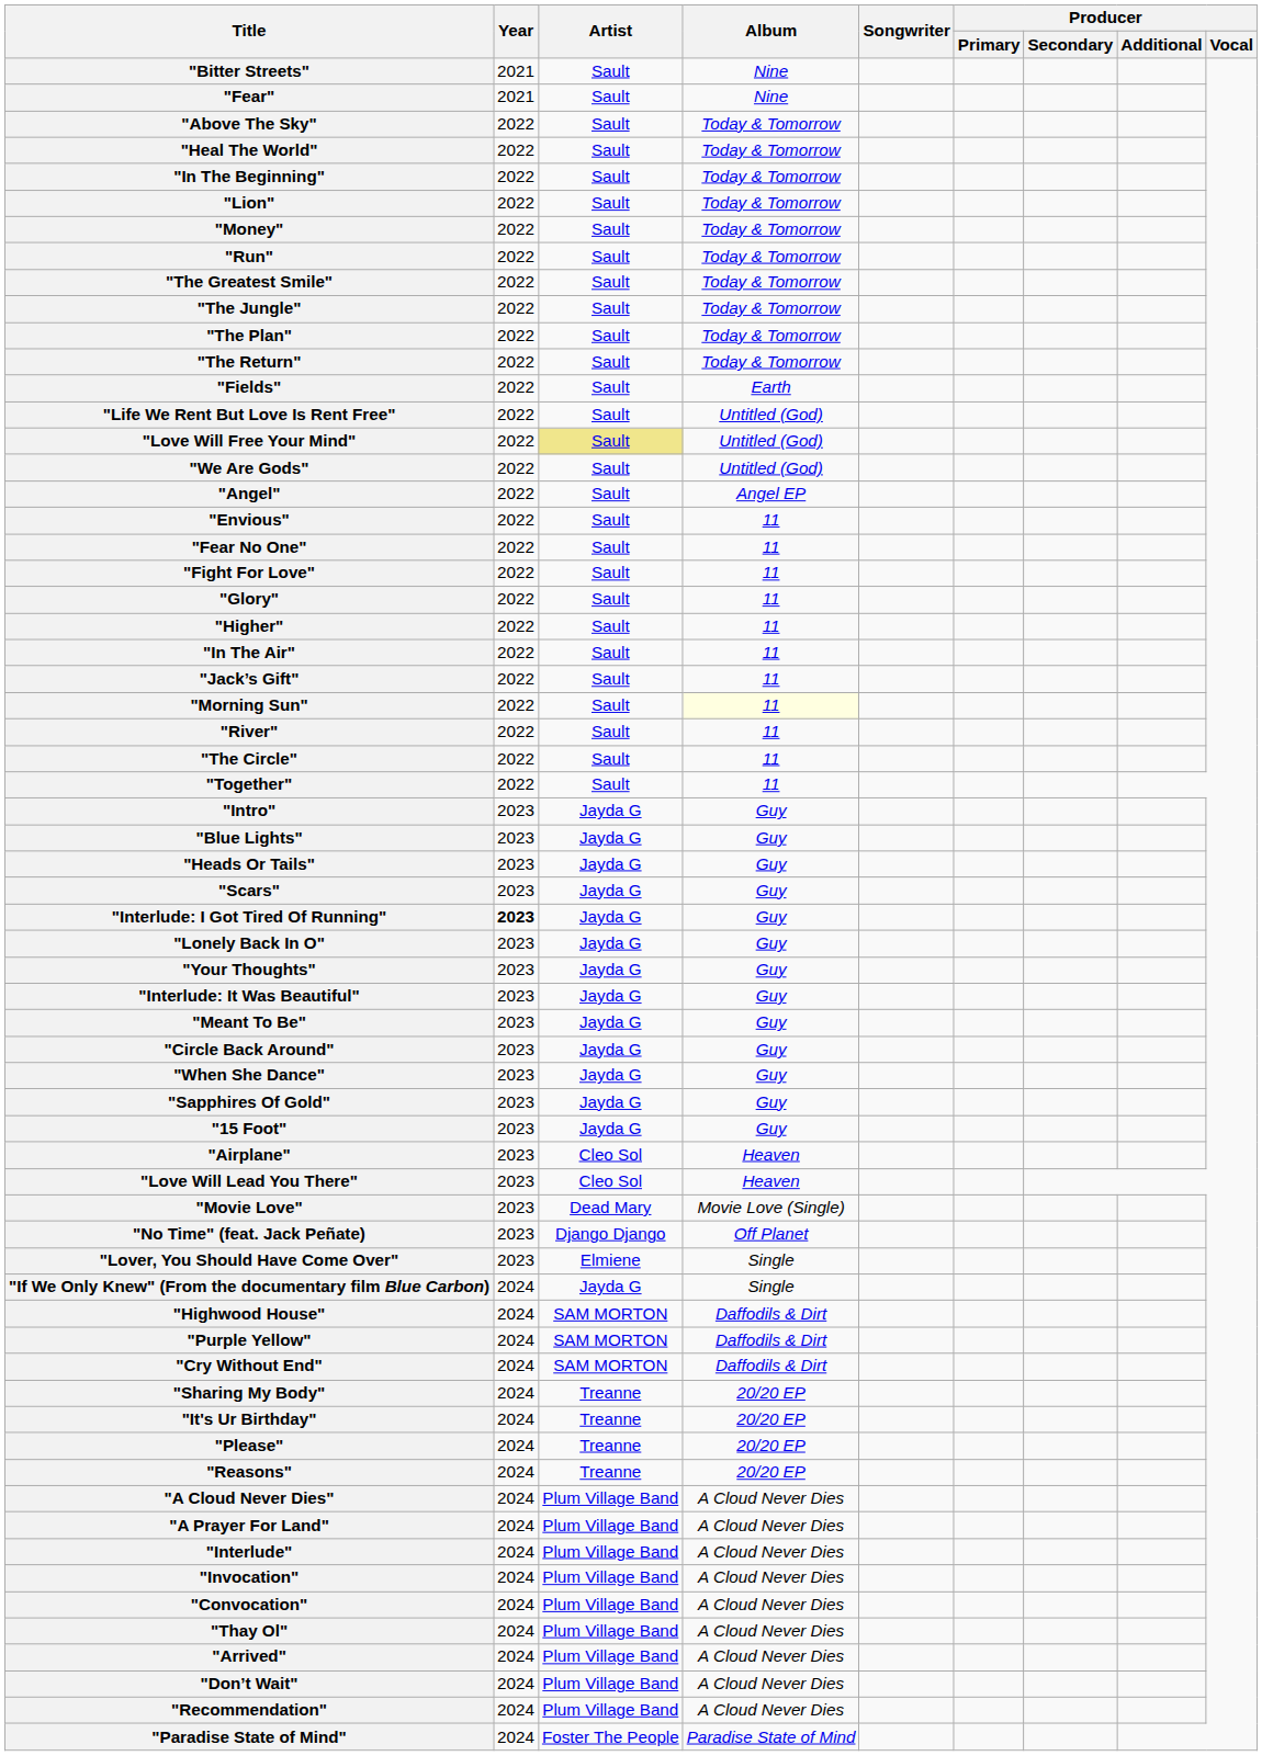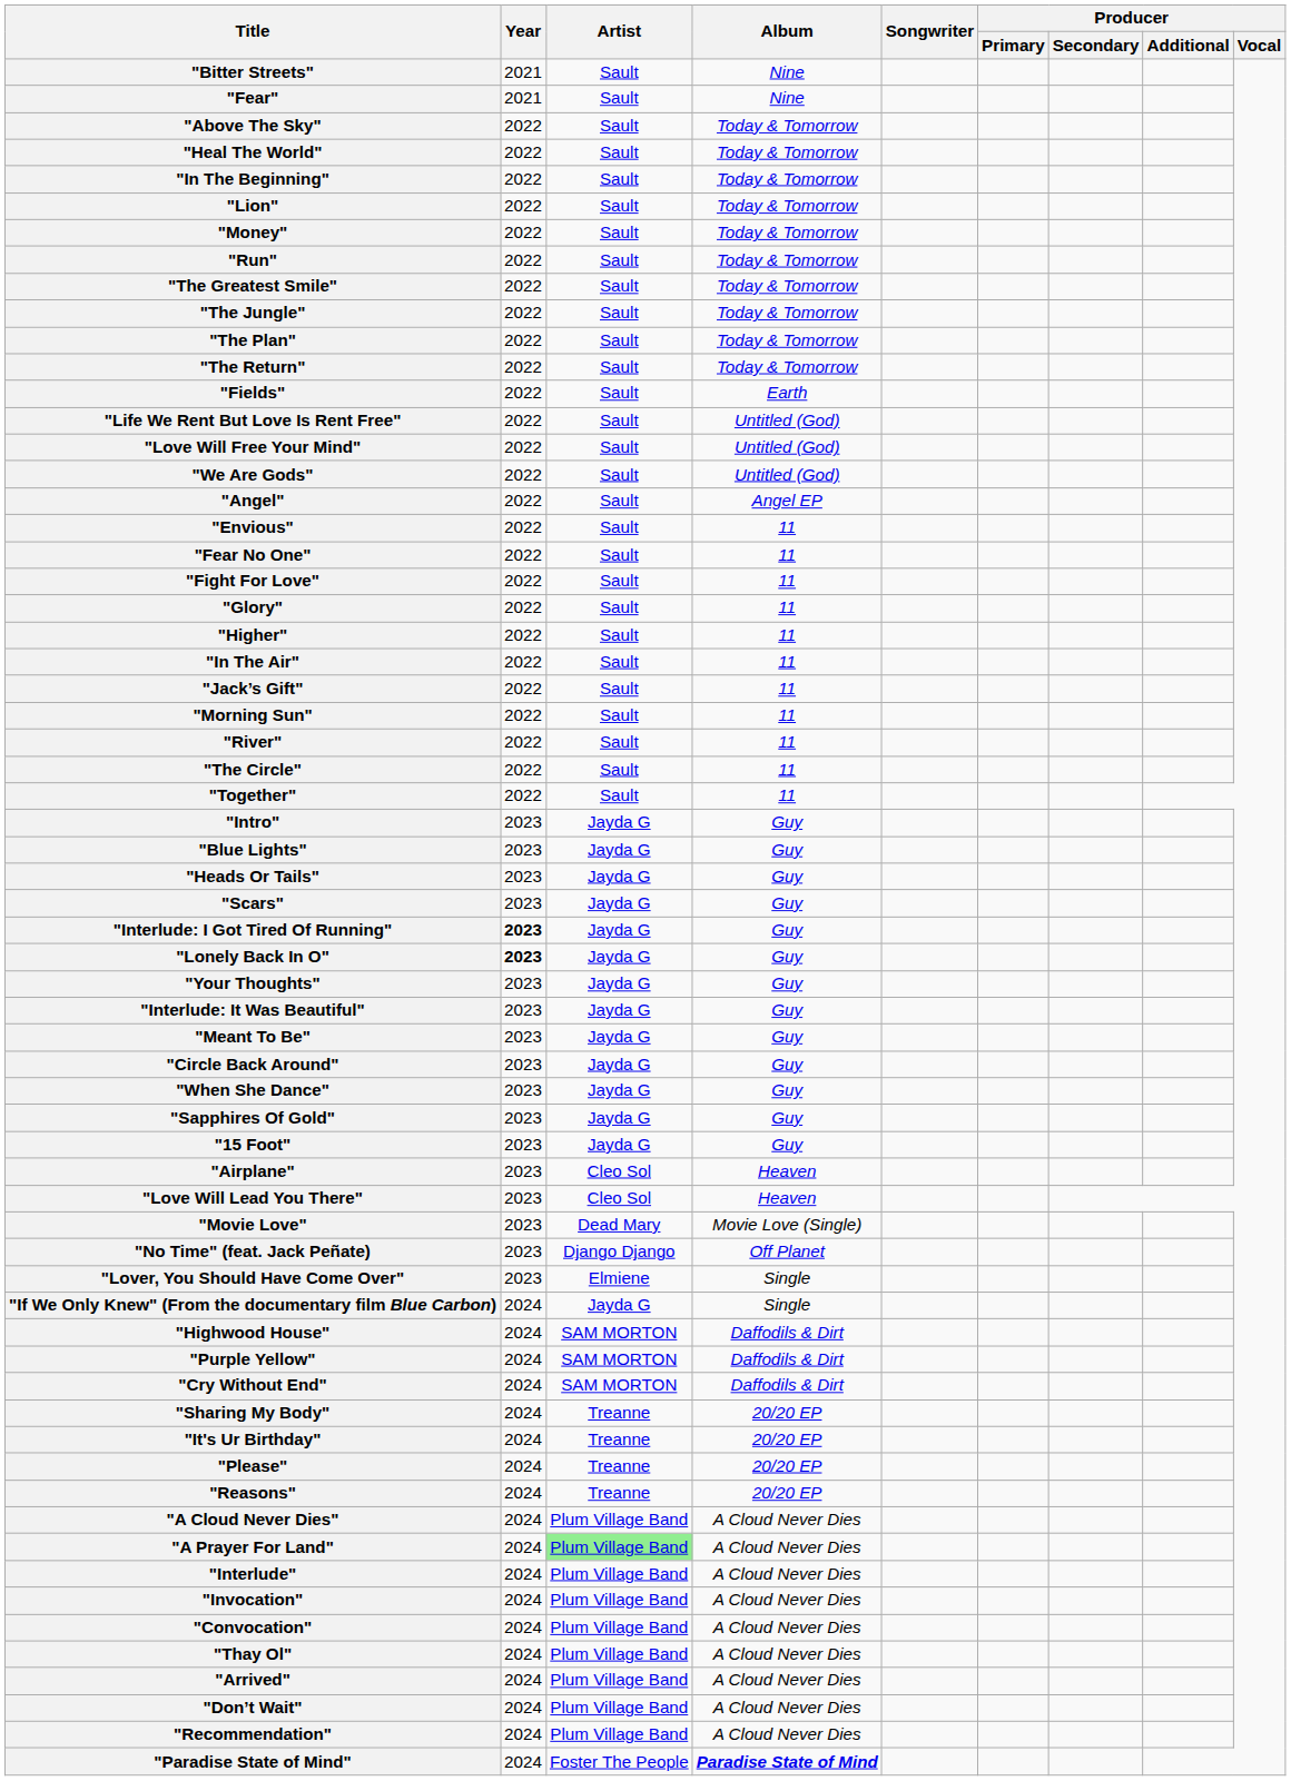 <table class="wikitable plainrowheaders" style="text-align:center;">
 <tr>
 <th scope="col" rowspan="2">Title</th>
 <th scope="col" rowspan="2">Year</th>
 <th scope="col" rowspan="2">Artist</th>
 <th scope="col" rowspan="2">Album</th>
 <th scope="col" rowspan="2">Songwriter</th>
 <th scope="col" colspan="4">Producer</th>
 </tr>
 <tr>
 <th scope="col">Primary</th>
 <th scope="col">Secondary</th>
 <th scope="col">Additional</th>
 <th scope="col">Vocal</th>
 </tr>
 <tr>
 <th scope="row">"Bitter Streets"</th>
 <td>2021</td>
 <td><a href='#'>Sault</a></td>
 <td><em><a href='#'>Nine</a></em></td>
 <td></td>
 <td></td>
 <td></td>
 <td></td>
 </tr>
 <tr>
 <th scope="row">"Fear"</th>
 <td>2021</td>
 <td><a href='#'>Sault</a></td>
 <td><em><a href='#'>Nine</a></em></td>
 <td></td>
 <td></td>
 <td></td>
 <td></td>
 </tr>
 <tr>
 <th scope="row">"Above The Sky"</th>
 <td>2022</td>
 <td><a href='#'>Sault</a></td>
 <td><em><a href='#'>Today & Tomorrow</a></em></td>
 <td></td>
 <td></td>
 <td></td>
 <td></td>
 </tr>
 <tr>
 <th scope="row">"Heal The World"</th>
 <td>2022</td>
 <td><a href='#'>Sault</a></td>
 <td><em><a href='#'>Today & Tomorrow</a></em></td>
 <td></td>
 <td></td>
 <td></td>
 <td></td>
 </tr>
 <tr>
 <th scope="row">"In The Beginning"</th>
 <td>2022</td>
 <td><a href='#'>Sault</a></td>
 <td><em><a href='#'>Today & Tomorrow</a></em></td>
 <td></td>
 <td></td>
 <td></td>
 <td></td>
 </tr>
 <tr>
 <th scope="row">"Lion"</th>
 <td>2022</td>
 <td><a href='#'>Sault</a></td>
 <td><em><a href='#'>Today & Tomorrow</a></em></td>
 <td></td>
 <td></td>
 <td></td>
 <td></td>
 </tr>
 <tr>
 <th scope="row">"Money"</th>
 <td>2022</td>
 <td><a href='#'>Sault</a></td>
 <td><em><a href='#'>Today & Tomorrow</a></em></td>
 <td></td>
 <td></td>
 <td></td>
 <td></td>
 </tr>
 <tr>
 <th scope="row">"Run"</th>
 <td>2022</td>
 <td><a href='#'>Sault</a></td>
 <td><em><a href='#'>Today & Tomorrow</a></em></td>
 <td></td>
 <td></td>
 <td></td>
 <td></td>
 </tr>
 <tr>
 <th scope="row">"The Greatest Smile"</th>
 <td>2022</td>
 <td><a href='#'>Sault</a></td>
 <td><em><a href='#'>Today & Tomorrow</a></em></td>
 <td></td>
 <td></td>
 <td></td>
 <td></td>
 </tr>
 <tr>
 <th scope="row">"The Jungle"</th>
 <td>2022</td>
 <td><a href='#'>Sault</a></td>
 <td><em><a href='#'>Today & Tomorrow</a></em></td>
 <td></td>
 <td></td>
 <td></td>
 <td></td>
 </tr>
 <tr>
 <th scope="row">"The Plan"</th>
 <td>2022</td>
 <td><a href='#'>Sault</a></td>
 <td><em><a href='#'>Today & Tomorrow</a></em></td>
 <td></td>
 <td></td>
 <td></td>
 <td></td>
 </tr>
 <tr>
 <th scope="row">"The Return"</th>
 <td>2022</td>
 <td><a href='#'>Sault</a></td>
 <td><em><a href='#'>Today & Tomorrow</a></em></td>
 <td></td>
 <td></td>
 <td></td>
 <td></td>
 </tr>
 <tr>
 <th scope="row">"Fields"</th>
 <td>2022</td>
 <td><a href='#'>Sault</a></td>
 <td><em><a href='#'>Earth</a></em></td>
 <td></td>
 <td></td>
 <td></td>
 <td></td>
 </tr>
 <tr>
 <th scope="row">"Life We Rent But Love Is Rent Free"</th>
 <td>2022</td>
 <td><a href='#'>Sault</a></td>
 <td><em><a href='#'>Untitled (God)</a></em></td>
 <td></td>
 <td></td>
 <td></td>
 <td></td>
 </tr>
 <tr>
 <th scope="row">"Love Will Free Your Mind"</th>
 <td>2022</td>
-<td style="background: khaki;"><a href='#'>Sault</a></td>
+<td><a href='#'>Sault</a></td>
 <td><em><a href='#'>Untitled (God)</a></em></td>
 <td></td>
 <td></td>
 <td></td>
 <td></td>
 </tr>
 <tr>
 <th scope="row">"We Are Gods"</th>
 <td>2022</td>
 <td><a href='#'>Sault</a></td>
 <td><em><a href='#'>Untitled (God)</a></em></td>
 <td></td>
 <td></td>
 <td></td>
 <td></td>
 </tr>
 <tr>
 <th scope="row">"Angel"</th>
 <td>2022</td>
 <td><a href='#'>Sault</a></td>
 <td><em><a href='#'>Angel EP</a></em></td>
 <td></td>
 <td></td>
 <td></td>
 <td></td>
 </tr>
 <tr>
 <th scope="row">"Envious"</th>
 <td>2022</td>
 <td><a href='#'>Sault</a></td>
 <td><em><a href='#'>11</a></em></td>
 <td></td>
 <td></td>
 <td></td>
 <td></td>
 </tr>
 <tr>
 <th scope="row">"Fear No One"</th>
 <td>2022</td>
 <td><a href='#'>Sault</a></td>
 <td><em><a href='#'>11</a></em></td>
 <td></td>
 <td></td>
 <td></td>
 <td></td>
 </tr>
 <tr>
 <th scope="row">"Fight For Love"</th>
 <td>2022</td>
 <td><a href='#'>Sault</a></td>
 <td><em><a href='#'>11</a></em></td>
 <td></td>
 <td></td>
 <td></td>
 <td></td>
 </tr>
 <tr>
 <th scope="row">"Glory"</th>
 <td>2022</td>
 <td><a href='#'>Sault</a></td>
 <td><em><a href='#'>11</a></em></td>
 <td></td>
 <td></td>
 <td></td>
 <td></td>
 </tr>
 <tr>
 <th scope="row">"Higher"</th>
 <td>2022</td>
 <td><a href='#'>Sault</a></td>
 <td><em><a href='#'>11</a></em></td>
 <td></td>
 <td></td>
 <td></td>
 <td></td>
 </tr>
 <tr>
 <th scope="row">"In The Air"</th>
 <td>2022</td>
 <td><a href='#'>Sault</a></td>
 <td><em><a href='#'>11</a></em></td>
 <td></td>
 <td></td>
 <td></td>
 <td></td>
 </tr>
 <tr>
 <th scope="row">"Jack’s Gift"</th>
 <td>2022</td>
 <td><a href='#'>Sault</a></td>
 <td><em><a href='#'>11</a></em></td>
 <td></td>
 <td></td>
 <td></td>
 <td></td>
 </tr>
 <tr>
 <th scope="row">"Morning Sun"</th>
 <td>2022</td>
 <td><a href='#'>Sault</a></td>
-<td style="background: lightyellow;"><em><a href='#'>11</a></em></td>
+<td><em><a href='#'>11</a></em></td>
 <td></td>
 <td></td>
 <td></td>
 <td></td>
 </tr>
 <tr>
 <th scope="row">"River"</th>
 <td>2022</td>
 <td><a href='#'>Sault</a></td>
 <td><em><a href='#'>11</a></em></td>
 <td></td>
 <td></td>
 <td></td>
 <td></td>
 </tr>
 <tr>
 <th scope="row">"The Circle"</th>
 <td>2022</td>
 <td><a href='#'>Sault</a></td>
 <td><em><a href='#'>11</a></em></td>
 <td></td>
 <td></td>
 <td></td>
 <td></td>
 </tr>
 <tr>
 <th scope="row">"Together"</th>
 <td>2022</td>
 <td><a href='#'>Sault</a></td>
 <td><em><a href='#'>11</a></em></td>
 <td></td>
 <td></td>
 <td></td>
 </tr>
 <tr>
 <th scope="row">"Intro"</th>
 <td>2023</td>
 <td><a href='#'>Jayda G</a></td>
 <td><em><a href='#'>Guy</a></em></td>
 <td></td>
 <td></td>
 <td></td>
 <td></td>
 </tr>
 <tr>
 <th scope="row">"Blue Lights"</th>
 <td>2023</td>
 <td><a href='#'>Jayda G</a></td>
 <td><em><a href='#'>Guy</a></em></td>
 <td></td>
 <td></td>
 <td></td>
 <td></td>
 </tr>
 <tr>
 <th scope="row">"Heads Or Tails"</th>
 <td>2023</td>
 <td><a href='#'>Jayda G</a></td>
 <td><em><a href='#'>Guy</a></em></td>
 <td></td>
 <td></td>
 <td></td>
 <td></td>
 </tr>
 <tr>
 <th scope="row">"Scars"</th>
 <td>2023</td>
 <td><a href='#'>Jayda G</a></td>
 <td><em><a href='#'>Guy</a></em></td>
 <td></td>
 <td></td>
 <td></td>
 <td></td>
 </tr>
 <tr>
 <th scope="row">"Interlude: I Got Tired Of Running"</th>
 <td><strong>2023</strong></td>
 <td><a href='#'>Jayda G</a></td>
 <td><em><a href='#'>Guy</a></em></td>
 <td></td>
 <td></td>
 <td></td>
 <td></td>
 </tr>
 <tr>
 <th scope="row">"Lonely Back In O"</th>
-<td>2023</td>
+<td><strong>2023</strong></td>
 <td><a href='#'>Jayda G</a></td>
 <td><em><a href='#'>Guy</a></em></td>
 <td></td>
 <td></td>
 <td></td>
 <td></td>
 </tr>
 <tr>
 <th scope="row">"Your Thoughts"</th>
 <td>2023</td>
 <td><a href='#'>Jayda G</a></td>
 <td><em><a href='#'>Guy</a></em></td>
 <td></td>
 <td></td>
 <td></td>
 <td></td>
 </tr>
 <tr>
 <th scope="row">"Interlude: It Was Beautiful"</th>
 <td>2023</td>
 <td><a href='#'>Jayda G</a></td>
 <td><em><a href='#'>Guy</a></em></td>
 <td></td>
 <td></td>
 <td></td>
 <td></td>
 </tr>
 <tr>
 <th scope="row">"Meant To Be"</th>
 <td>2023</td>
 <td><a href='#'>Jayda G</a></td>
 <td><em><a href='#'>Guy</a></em></td>
 <td></td>
 <td></td>
 <td></td>
 <td></td>
 </tr>
 <tr>
 <th scope="row">"Circle Back Around"</th>
 <td>2023</td>
 <td><a href='#'>Jayda G</a></td>
 <td><em><a href='#'>Guy</a></em></td>
 <td></td>
 <td></td>
 <td></td>
 <td></td>
 </tr>
 <tr>
 <th scope="row">"When She Dance"</th>
 <td>2023</td>
 <td><a href='#'>Jayda G</a></td>
 <td><em><a href='#'>Guy</a></em></td>
 <td></td>
 <td></td>
 <td></td>
 <td></td>
 </tr>
 <tr>
 <th scope="row">"Sapphires Of Gold"</th>
 <td>2023</td>
 <td><a href='#'>Jayda G</a></td>
 <td><em><a href='#'>Guy</a></em></td>
 <td></td>
 <td></td>
 <td></td>
 <td></td>
 </tr>
 <tr>
 <th scope="row">"15 Foot"</th>
 <td>2023</td>
 <td><a href='#'>Jayda G</a></td>
 <td><em><a href='#'>Guy</a></em></td>
 <td></td>
 <td></td>
 <td></td>
 <td></td>
 </tr>
 <tr>
 <th scope="row">"Airplane"</th>
 <td>2023</td>
 <td><a href='#'>Cleo Sol</a></td>
 <td><em><a href='#'>Heaven</a></em></td>
 <td></td>
 <td></td>
 <td></td>
 <td></td>
 </tr>
 <tr>
 <th scope="row">"Love Will Lead You There"</th>
 <td>2023</td>
 <td><a href='#'>Cleo Sol</a></td>
 <td><em><a href='#'>Heaven</a></em></td>
 <td></td>
 <td></td>
 </tr>
 <tr>
 <th scope="row">"Movie Love"</th>
 <td>2023</td>
 <td><a href='#'>Dead Mary</a></td>
 <td><em>Movie Love (Single)</em></td>
 <td></td>
 <td></td>
 <td></td>
 <td></td>
 </tr>
 <tr>
 <th scope="row">"No Time" (feat. Jack Peñate)</th>
 <td>2023</td>
 <td><a href='#'>Django Django</a></td>
 <td><em><a href='#'>Off Planet</a></em></td>
 <td></td>
 <td></td>
 <td></td>
 <td></td>
 </tr>
 <tr>
 <th scope="row">"Lover, You Should Have Come Over"</th>
 <td>2023</td>
 <td><a href='#'>Elmiene</a></td>
 <td><em>Single</em></td>
 <td></td>
 <td></td>
 <td></td>
 <td></td>
 </tr>
 <tr>
 <th scope="row">"If We Only Knew" (From the documentary film <em>Blue Carbon</em>)</th>
 <td>2024</td>
 <td><a href='#'>Jayda G</a></td>
 <td><em>Single</em></td>
 <td></td>
 <td></td>
 <td></td>
 <td></td>
 </tr>
 <tr>
 <th scope="row">"Highwood House"</th>
 <td>2024</td>
 <td><a href='#'>SAM MORTON</a></td>
 <td><em><a href='#'>Daffodils & Dirt</a></em></td>
 <td></td>
 <td></td>
 <td></td>
 <td></td>
 </tr>
 <tr>
 <th scope="row">"Purple Yellow"</th>
 <td>2024</td>
 <td><a href='#'>SAM MORTON</a></td>
 <td><em><a href='#'>Daffodils & Dirt</a></em></td>
 <td></td>
 <td></td>
 <td></td>
 <td></td>
 </tr>
 <tr>
 <th scope="row">"Cry Without End"</th>
 <td>2024</td>
 <td><a href='#'>SAM MORTON</a></td>
 <td><em><a href='#'>Daffodils & Dirt</a></em></td>
 <td></td>
 <td></td>
 <td></td>
 <td></td>
 </tr>
 <tr>
 <th scope="row">"Sharing My Body"</th>
 <td>2024</td>
 <td><a href='#'>Treanne</a></td>
 <td><em><a href='#'>20/20 EP</a></em></td>
 <td></td>
 <td></td>
 <td></td>
 <td></td>
 </tr>
 <tr>
 <th scope="row">"It's Ur Birthday"</th>
 <td>2024</td>
 <td><a href='#'>Treanne</a></td>
 <td><em><a href='#'>20/20 EP</a></em></td>
 <td></td>
 <td></td>
 <td></td>
 <td></td>
 </tr>
 <tr>
 <th scope="row">"Please"</th>
 <td>2024</td>
 <td><a href='#'>Treanne</a></td>
 <td><em><a href='#'>20/20 EP</a></em></td>
 <td></td>
 <td></td>
 <td></td>
 <td></td>
 </tr>
 <tr>
 <th scope="row">"Reasons"</th>
 <td>2024</td>
 <td><a href='#'>Treanne</a></td>
 <td><em><a href='#'>20/20 EP</a></em></td>
 <td></td>
 <td></td>
 <td></td>
 <td></td>
 </tr>
 <tr>
 <th scope="row">"A Cloud Never Dies"</th>
 <td>2024</td>
 <td><a href='#'>Plum Village Band</a></td>
 <td><em>A Cloud Never Dies</em></td>
 <td></td>
 <td></td>
 <td></td>
 <td></td>
 </tr>
 <tr>
 <th scope="row">"A Prayer For Land"</th>
 <td>2024</td>
-<td><a href='#'>Plum Village Band</a></td>
+<td style="background: lightgreen;"><a href='#'>Plum Village Band</a></td>
 <td><em>A Cloud Never Dies</em></td>
 <td></td>
 <td></td>
 <td></td>
 <td></td>
 </tr>
 <tr>
 <th scope="row">"Interlude"</th>
 <td>2024</td>
 <td><a href='#'>Plum Village Band</a></td>
 <td><em>A Cloud Never Dies</em></td>
 <td></td>
 <td></td>
 <td></td>
 <td></td>
 </tr>
 <tr>
 <th scope="row">"Invocation"</th>
 <td>2024</td>
 <td><a href='#'>Plum Village Band</a></td>
 <td><em>A Cloud Never Dies</em></td>
 <td></td>
 <td></td>
 <td></td>
 <td></td>
 </tr>
 <tr>
 <th scope="row">"Convocation"</th>
 <td>2024</td>
 <td><a href='#'>Plum Village Band</a></td>
 <td><em>A Cloud Never Dies</em></td>
 <td></td>
 <td></td>
 <td></td>
 <td></td>
 </tr>
 <tr>
 <th scope="row">"Thay Ol"</th>
 <td>2024</td>
 <td><a href='#'>Plum Village Band</a></td>
 <td><em>A Cloud Never Dies</em></td>
 <td></td>
 <td></td>
 <td></td>
 <td></td>
 </tr>
 <tr>
 <th scope="row">"Arrived"</th>
 <td>2024</td>
 <td><a href='#'>Plum Village Band</a></td>
 <td><em>A Cloud Never Dies</em></td>
 <td></td>
 <td></td>
 <td></td>
 <td></td>
 </tr>
 <tr>
 <th scope="row">"Don’t Wait"</th>
 <td>2024</td>
 <td><a href='#'>Plum Village Band</a></td>
 <td><em>A Cloud Never Dies</em></td>
 <td></td>
 <td></td>
 <td></td>
 <td></td>
 </tr>
 <tr>
 <th scope="row">"Recommendation"</th>
 <td>2024</td>
 <td><a href='#'>Plum Village Band</a></td>
 <td><em>A Cloud Never Dies</em></td>
 <td></td>
 <td></td>
 <td></td>
 <td></td>
 </tr>
 <tr>
 <th scope="row">"Paradise State of Mind"</th>
 <td>2024</td>
 <td><a href='#'>Foster The People</a></td>
-<td><em><a href='#'>Paradise State of Mind</a></em></td>
+<td><strong><em><a href='#'>Paradise State of Mind</a></em></strong></td>
 <td></td>
 <td></td>
 <td></td>
 </tr>
 </table>
